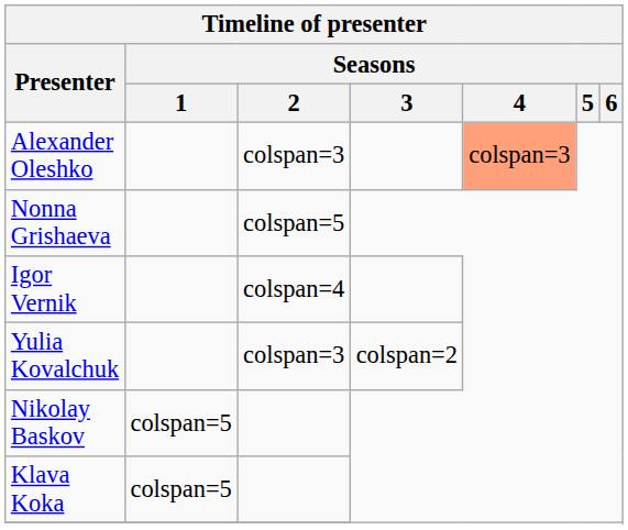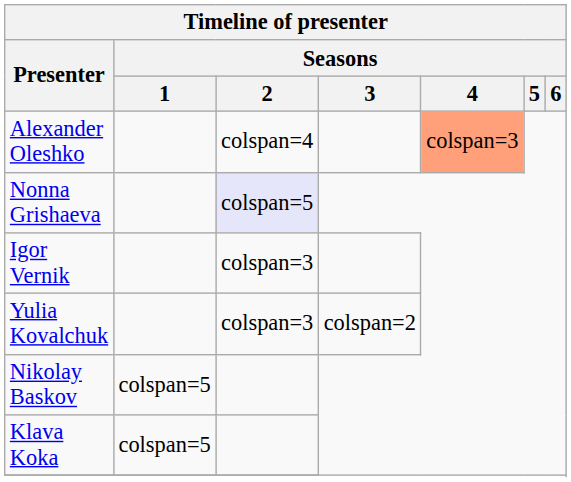 <table class="wikitable plainrowheaders collapsible mw-collapsible" style="width:37%;">
 <tr>
 <th colspan=11>Timeline of presenter</th>
 </tr>
 <tr>
 <th rowspan=2 style="width:30%;">Presenter</th>
 <th colspan=6>Seasons</th>
 </tr>
 <tr>
 <th style="width:7%;">1</th>
 <th style="width:7%;">2</th>
 <th style="width:7%;">3</th>
 <th style="width:7%;">4</th>
 <th style="width:7%;">5</th>
 <th style="width:7%;">6</th>
 </tr>
 <tr>
 <td><a href='#'>Alexander Oleshko</a></td>
 <td></td>
-<td>colspan=3 </td>
+<td>colspan=4 </td>
 <td></td>
 <td style="background: lightsalmon;">colspan=3 </td>
 </tr>
 <tr>
 <td><a href='#'>Nonna Grishaeva</a></td>
 <td></td>
-<td>colspan=5 </td>
+<td style="background: lavender;">colspan=5 </td>
 </tr>
 <tr>
 <td><a href='#'>Igor Vernik</a></td>
 <td></td>
-<td>colspan=4 </td>
+<td>colspan=3 </td>
 <td></td>
 </tr>
 <tr>
 <td><a href='#'>Yulia Kovalchuk</a></td>
 <td></td>
 <td>colspan=3 </td>
 <td>colspan=2 </td>
 </tr>
 <tr>
 <td><a href='#'>Nikolay Baskov</a></td>
 <td>colspan=5 </td>
 <td></td>
 </tr>
 <tr>
 <td><a href='#'>Klava Koka</a></td>
 <td>colspan=5 </td>
 <td></td>
 </tr>
 <tr>
 </tr>
 </table>
